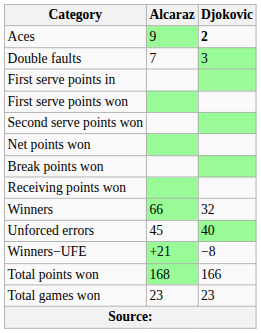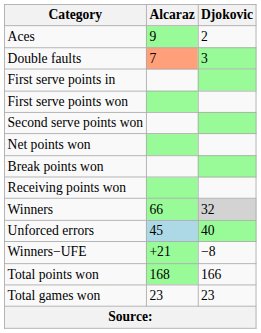 <table class="wikitable sticky-header">
 <tr>
 <th>Category</th>
 <th>Alcaraz</th>
 <th>Djokovic</th>
 </tr>
 <tr>
 <td>Aces</td>
 <td bgcolor=98FB98>9</td>
-<td><strong>2</strong></td>
+<td>2</td>
 </tr>
 <tr>
 <td>Double faults</td>
-<td>7</td>
+<td style="background: lightsalmon;">7</td>
 <td bgcolor=98FB98>3</td>
 </tr>
 <tr>
 <td>First serve points in</td>
 <td></td>
 <td bgcolor=98FB98></td>
 </tr>
 <tr>
 <td>First serve points won</td>
 <td bgcolor=98FB98></td>
 <td></td>
 </tr>
 <tr>
 <td>Second serve points won</td>
 <td></td>
 <td bgcolor=98FB98></td>
 </tr>
 <tr>
 <td>Net points won</td>
 <td bgcolor=98FB98></td>
 <td></td>
 </tr>
 <tr>
 <td>Break points won</td>
 <td></td>
 <td bgcolor=98FB98></td>
 </tr>
 <tr>
 <td>Receiving points won</td>
 <td bgcolor=98FB98></td>
 <td></td>
 </tr>
 <tr>
 <td>Winners</td>
 <td bgcolor=98FB98>66</td>
-<td>32</td>
+<td style="background: lightgrey;">32</td>
 </tr>
 <tr>
 <td>Unforced errors</td>
-<td>45</td>
+<td style="background: lightblue;">45</td>
 <td bgcolor=98FB98>40</td>
 </tr>
 <tr>
 <td>Winners−UFE</td>
 <td bgcolor=98FB98>+21</td>
 <td>−8</td>
 </tr>
 <tr>
 <td>Total points won</td>
 <td bgcolor=98FB98>168</td>
 <td>166</td>
 </tr>
 <tr>
 <td>Total games won</td>
 <td>23</td>
 <td>23</td>
 </tr>
 <tr>
 <th colspan="8">Source:</th>
 </tr>
 </table>
